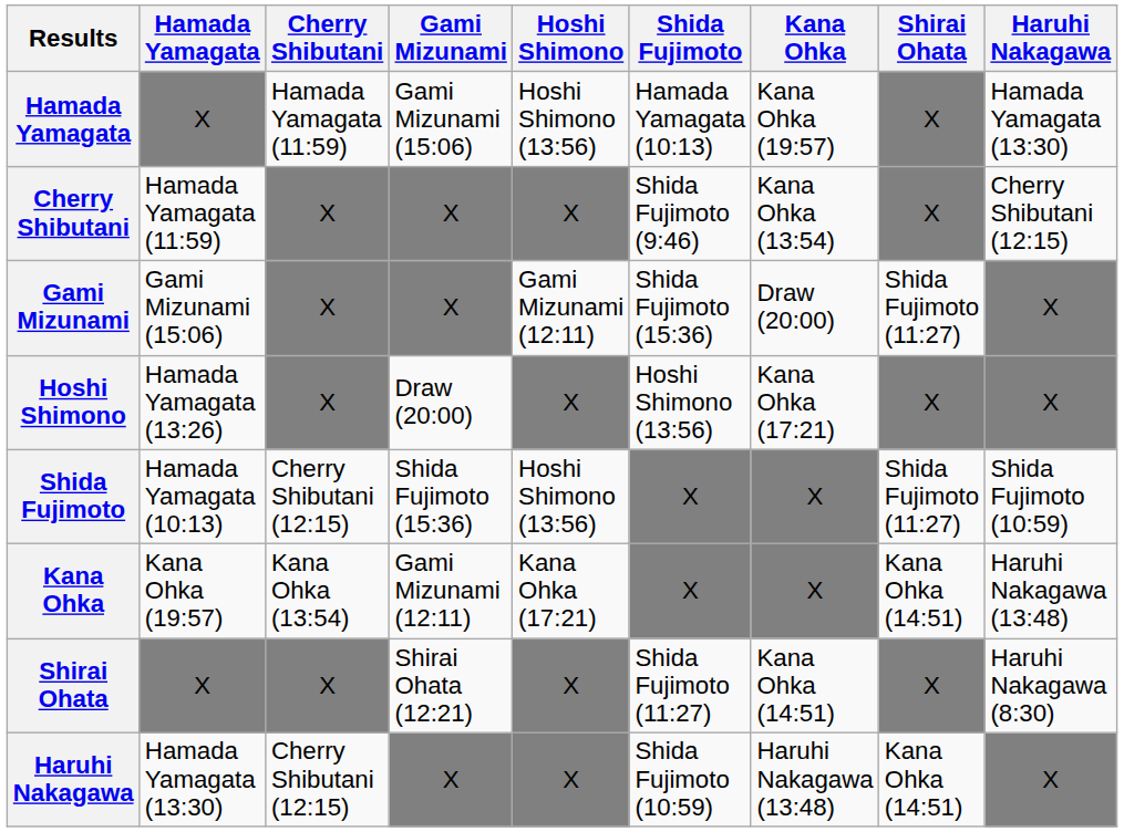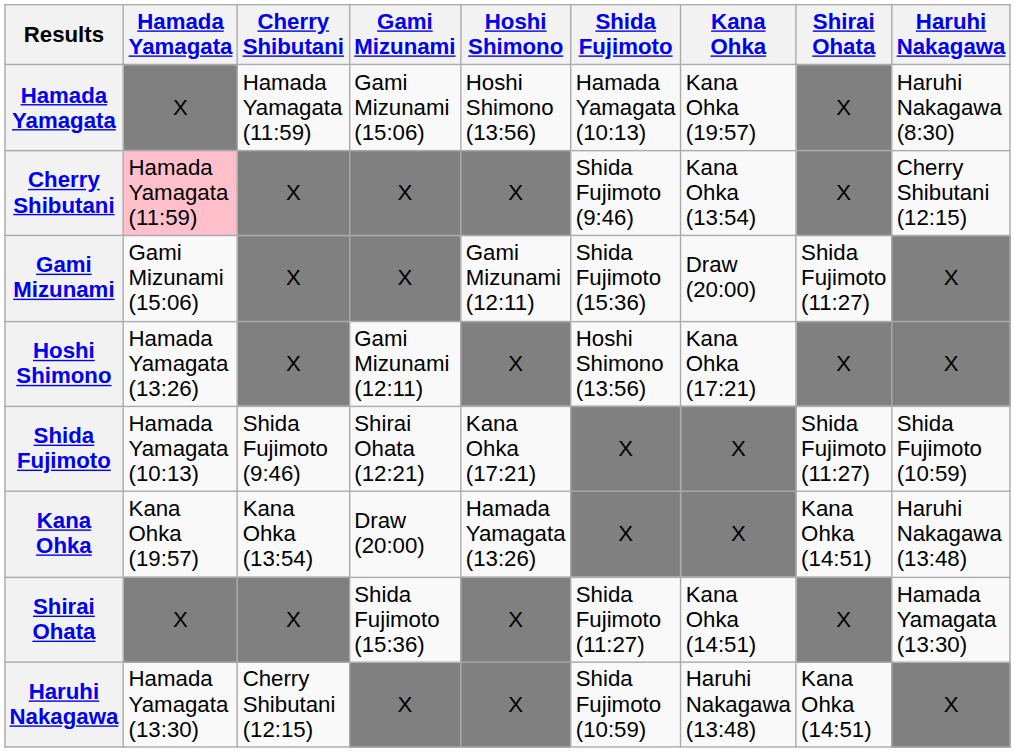 <table class="wikitable" align=center style="margin: 1em auto 1em auto">
 <tr>
 <th>Results</th>
 <th><a href='#'>Hamada</a><br><a href='#'>Yamagata</a></th>
 <th><a href='#'>Cherry</a><br><a href='#'>Shibutani</a></th>
 <th><a href='#'>Gami</a><br><a href='#'>Mizunami</a></th>
 <th><a href='#'>Hoshi</a><br><a href='#'>Shimono</a></th>
 <th><a href='#'>Shida</a><br><a href='#'>Fujimoto</a></th>
 <th><a href='#'>Kana</a><br><a href='#'>Ohka</a></th>
 <th><a href='#'>Shirai</a><br><a href='#'>Ohata</a></th>
 <th><a href='#'>Haruhi</a><br><a href='#'>Nakagawa</a></th>
 </tr>
 <tr>
 <th><a href='#'>Hamada</a><br><a href='#'>Yamagata</a></th>
 <td bgcolor=grey align="center">X</td>
 <td>Hamada<br>Yamagata<br>(11:59)</td>
 <td>Gami<br>Mizunami<br>(15:06)</td>
 <td>Hoshi<br>Shimono<br>(13:56)</td>
 <td>Hamada<br>Yamagata<br>(10:13)</td>
 <td>Kana<br>Ohka<br>(19:57)</td>
 <td bgcolor=grey align="center">X</td>
-<td>Hamada<br>Yamagata<br>(13:30)</td>
+<td>Haruhi<br>Nakagawa<br>(8:30)</td>
 </tr>
 <tr>
 <th><a href='#'>Cherry</a><br><a href='#'>Shibutani</a></th>
-<td>Hamada<br>Yamagata<br>(11:59)</td>
+<td style="background: pink;">Hamada<br>Yamagata<br>(11:59)</td>
 <td bgcolor=grey align="center">X</td>
 <td bgcolor=grey align="center">X</td>
 <td bgcolor=grey align="center">X</td>
 <td>Shida<br>Fujimoto<br>(9:46)</td>
 <td>Kana<br>Ohka<br>(13:54)</td>
 <td bgcolor=grey align="center">X</td>
 <td>Cherry<br>Shibutani<br>(12:15)</td>
 </tr>
 <tr>
 <th><a href='#'>Gami</a><br><a href='#'>Mizunami</a></th>
 <td>Gami<br>Mizunami<br>(15:06)</td>
 <td bgcolor=grey align="center">X</td>
 <td bgcolor=grey align="center">X</td>
 <td>Gami<br>Mizunami<br>(12:11)</td>
 <td>Shida<br>Fujimoto<br>(15:36)</td>
 <td>Draw<br>(20:00)</td>
 <td>Shida<br>Fujimoto<br>(11:27)</td>
 <td bgcolor=grey align="center">X</td>
 </tr>
 <tr>
 <th><a href='#'>Hoshi</a><br><a href='#'>Shimono</a></th>
 <td>Hamada<br>Yamagata<br>(13:26)</td>
 <td bgcolor=grey align="center">X</td>
-<td>Draw<br>(20:00)</td>
+<td>Gami<br>Mizunami<br>(12:11)</td>
 <td bgcolor=grey align="center">X</td>
 <td>Hoshi<br>Shimono<br>(13:56)</td>
 <td>Kana<br>Ohka<br>(17:21)</td>
 <td bgcolor=grey align="center">X</td>
 <td bgcolor=grey align="center">X</td>
 </tr>
 <tr>
 <th><a href='#'>Shida</a><br><a href='#'>Fujimoto</a></th>
 <td>Hamada<br>Yamagata<br>(10:13)</td>
-<td>Cherry<br>Shibutani<br>(12:15)</td>
-<td>Shida<br>Fujimoto<br>(15:36)</td>
-<td>Hoshi<br>Shimono<br>(13:56)</td>
+<td>Shida<br>Fujimoto<br>(9:46)</td>
+<td>Shirai<br>Ohata<br>(12:21)</td>
+<td>Kana<br>Ohka<br>(17:21)</td>
 <td bgcolor=grey align="center">X</td>
 <td bgcolor=grey align="center">X</td>
 <td>Shida<br>Fujimoto<br>(11:27)</td>
 <td>Shida<br>Fujimoto<br>(10:59)</td>
 </tr>
 <tr>
 <th><a href='#'>Kana</a><br><a href='#'>Ohka</a></th>
 <td>Kana<br>Ohka<br>(19:57)</td>
 <td>Kana<br>Ohka<br>(13:54)</td>
-<td>Gami<br>Mizunami<br>(12:11)</td>
-<td>Kana<br>Ohka<br>(17:21)</td>
+<td>Draw<br>(20:00)</td>
+<td>Hamada<br>Yamagata<br>(13:26)</td>
 <td bgcolor=grey align="center">X</td>
 <td bgcolor=grey align="center">X</td>
 <td>Kana<br>Ohka<br>(14:51)</td>
 <td>Haruhi<br>Nakagawa<br>(13:48)</td>
 </tr>
 <tr>
 <th><a href='#'>Shirai</a><br><a href='#'>Ohata</a></th>
 <td bgcolor=grey align="center">X</td>
 <td bgcolor=grey align="center">X</td>
-<td>Shirai<br>Ohata<br>(12:21)</td>
+<td>Shida<br>Fujimoto<br>(15:36)</td>
 <td bgcolor=grey align="center">X</td>
 <td>Shida<br>Fujimoto<br>(11:27)</td>
 <td>Kana<br>Ohka<br>(14:51)</td>
 <td bgcolor=grey align="center">X</td>
-<td>Haruhi<br>Nakagawa<br>(8:30)</td>
+<td>Hamada<br>Yamagata<br>(13:30)</td>
 </tr>
 <tr>
 <th><a href='#'>Haruhi</a><br><a href='#'>Nakagawa</a></th>
 <td>Hamada<br>Yamagata<br>(13:30)</td>
 <td>Cherry<br>Shibutani<br>(12:15)</td>
 <td bgcolor=grey align="center">X</td>
 <td bgcolor=grey align="center">X</td>
 <td>Shida<br>Fujimoto<br>(10:59)</td>
 <td>Haruhi<br>Nakagawa<br>(13:48)</td>
 <td>Kana<br>Ohka<br>(14:51)</td>
 <td bgcolor=grey align="center">X</td>
 </tr>
 </table>
